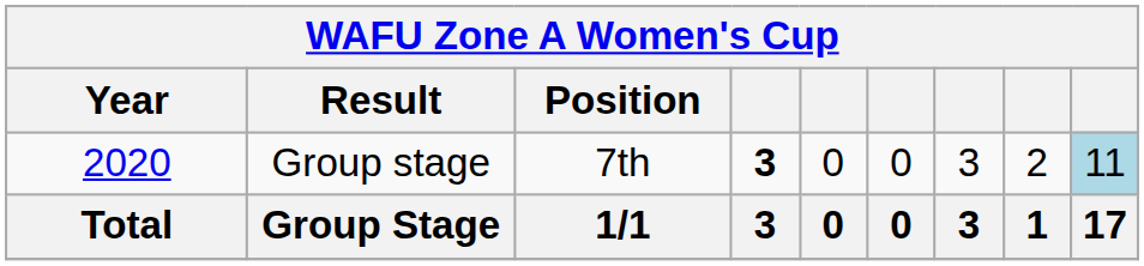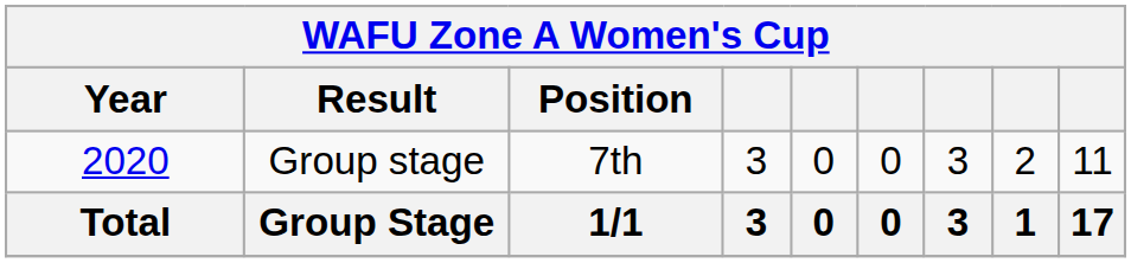 <table class="wikitable" style="text-align:center;">
 <tr>
 <th colspan="9"><a href='#'>WAFU Zone A Women's Cup</a></th>
 </tr>
 <tr>
 <th style="width:90px;">Year</th>
 <th style="width:100px;">Result</th>
 <th style="width:80px;">Position</th>
 <th style="width:20px;"></th>
 <th style="width:20px;"></th>
 <th style="width:20px;"></th>
 <th style="width:20px;"></th>
 <th style="width:20px;"></th>
 <th style="width:20px;"></th>
 </tr>
 <tr>
 <td> <a href='#'>2020</a></td>
 <td>Group stage</td>
 <td>7th</td>
-<td><strong>3</strong></td>
+<td>3</td>
 <td>0</td>
 <td>0</td>
 <td>3</td>
 <td>2</td>
-<td style="background: lightblue;">11</td>
+<td>11</td>
 </tr>
 <tr>
 <th>Total</th>
 <th>Group Stage</th>
 <th>1/1</th>
 <th>3</th>
 <th>0</th>
 <th>0</th>
 <th>3</th>
 <th>1</th>
 <th>17</th>
 </tr>
 <tr>
 </tr>
 </table>
